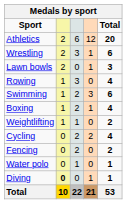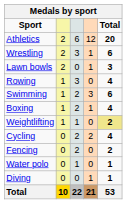 <table class="wikitable" style="text-align:center;font-size:90%">
 <tr style="background:#efefef;">
 <th colspan=7>Medals by sport</th>
 </tr>
 <tr>
 <td><strong>Sport</strong></td>
 <td bgcolor=#f7f6a8></td>
 <td bgcolor=#dce5e5></td>
 <td bgcolor=#ffdab9></td>
 <td><strong>Total</strong></td>
 </tr>
 <tr>
 <td style="text-align:left;"><a href='#'>Athletics</a></td>
 <td style="background:#F7F6A8;">2</td>
 <td style="background:#DCE5E5;">6</td>
 <td style="background:#FFDAB9;">12</td>
 <td><strong>20</strong></td>
 </tr>
 <tr>
 <td style="text-align:left;"><a href='#'>Wrestling</a></td>
 <td style="background:#F7F6A8;">2</td>
 <td style="background:#DCE5E5;">3</td>
 <td style="background:#FFDAB9;">1</td>
 <td><strong>6</strong></td>
 </tr>
 <tr>
 <td style="text-align:left;"><a href='#'>Lawn bowls</a></td>
 <td style="background:#F7F6A8;">2</td>
 <td style="background:#DCE5E5;">0</td>
 <td style="background:#FFDAB9;">1</td>
 <td><strong>3</strong></td>
 </tr>
 <tr>
 <td style="text-align:left;"><a href='#'>Rowing</a></td>
 <td style="background:#F7F6A8;">1</td>
 <td style="background:#DCE5E5;">3</td>
 <td style="background:#FFDAB9;">0</td>
 <td><strong>4</strong></td>
 </tr>
 <tr>
 <td style="text-align:left;"><a href='#'>Swimming</a></td>
 <td style="background:#F7F6A8;">1</td>
 <td style="background:#DCE5E5;">2</td>
 <td style="background:#FFDAB9;">3</td>
 <td><strong>6</strong></td>
 </tr>
 <tr>
 <td style="text-align:left;"><a href='#'>Boxing</a></td>
 <td style="background:#F7F6A8;">1</td>
 <td style="background:#DCE5E5;">2</td>
 <td style="background:#FFDAB9;">1</td>
 <td><strong>4</strong></td>
 </tr>
 <tr>
 <td style="text-align:left;"><a href='#'>Weightlifting</a></td>
 <td style="background:#F7F6A8;">1</td>
 <td style="background:#DCE5E5;">1</td>
 <td style="background:#FFDAB9;">0</td>
-<td><strong>2</strong></td>
+<td style="background: khaki;"><strong>2</strong></td>
 </tr>
 <tr>
 <td style="text-align:left;"><a href='#'>Cycling</a></td>
 <td style="background:#F7F6A8;">0</td>
 <td style="background:#DCE5E5;">2</td>
 <td style="background:#FFDAB9;">2</td>
 <td><strong>4</strong></td>
 </tr>
 <tr>
 <td style="text-align:left;"><a href='#'>Fencing</a></td>
 <td style="background:#F7F6A8;">0</td>
 <td style="background:#DCE5E5;">2</td>
 <td style="background:#FFDAB9;">0</td>
 <td><strong>2</strong></td>
 </tr>
 <tr>
 <td style="text-align:left;"><a href='#'>Water polo</a></td>
 <td style="background:#F7F6A8;">0</td>
 <td style="background:#DCE5E5;">1</td>
 <td style="background:#FFDAB9;">0</td>
 <td><strong>1</strong></td>
 </tr>
 <tr>
 <td style="text-align:left;"><a href='#'>Diving</a></td>
-<td style="background:#F7F6A8;"><strong>0</strong></td>
+<td style="background:#F7F6A8;">0</td>
 <td style="background:#DCE5E5;">0</td>
 <td style="background:#FFDAB9;">1</td>
 <td><strong>1</strong></td>
 </tr>
 <tr>
 <th style="text-align:left;">Total</th>
 <th style="background:gold;">10</th>
 <th style="background:silver;">22</th>
 <th style="background:#c96;">21</th>
 <th>53</th>
 </tr>
 </table>
